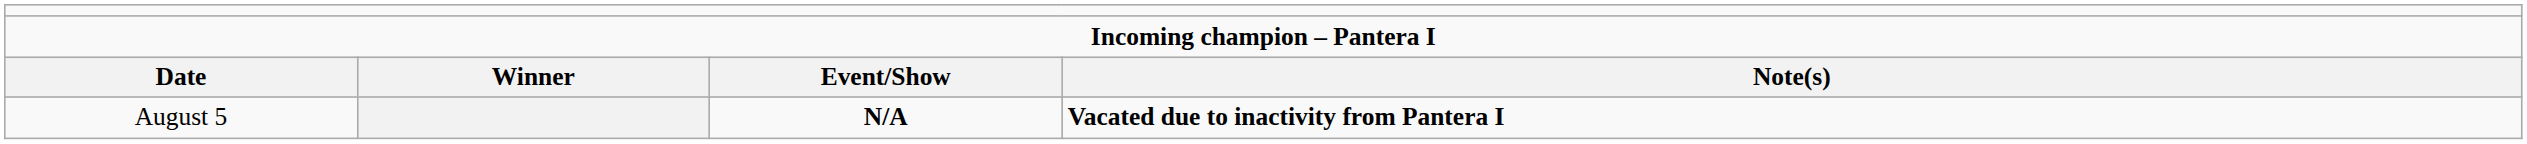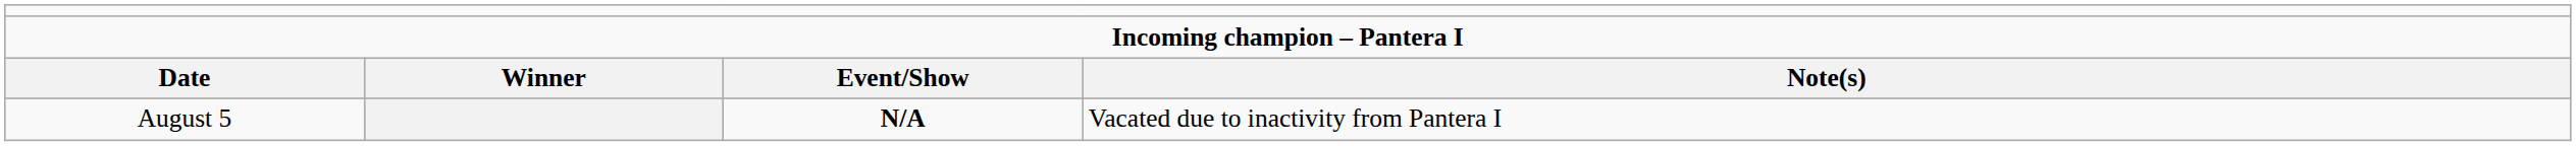 <table class="wikitable" style="text-align:center; width:100%;">
 <tr>
 <td colspan="5"></td>
 </tr>
 <tr>
 <td colspan="5"><strong>Incoming champion – Pantera I</strong></td>
 </tr>
 <tr>
 <th style="width:14%;">Date</th>
 <th style="width:14%;">Winner</th>
 <th style="width:14%;">Event/Show</th>
 <th style="width:58%;">Note(s)</th>
 </tr>
 <tr>
 <td>August 5</td>
 <th></th>
 <td><strong>N/A</strong></td>
-<td align=left><strong>Vacated due to inactivity from Pantera I</strong></td>
+<td align=left>Vacated due to inactivity from Pantera I</td>
 </tr>
 </table>
